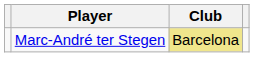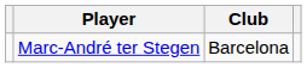 <table class="wikitable" style="text-align:center">
 <tr>
 <th></th>
 <th>Player</th>
 <th>Club</th>
 <th></th>
 </tr>
 <tr>
 <td></td>
 <td align=left> <a href='#'>Marc-André ter Stegen</a></td>
-<td align=left style="background: khaki;">Barcelona</td>
+<td align=left>Barcelona</td>
 <td rowspan="14"></td>
 </tr>
 </table>
